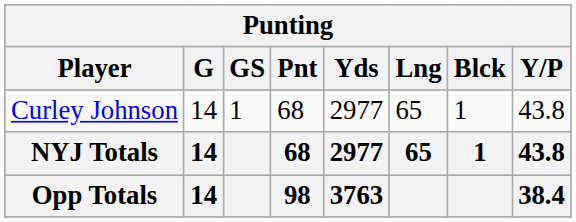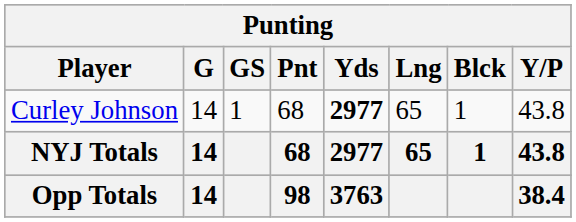 <table class="wikitable">
 <tr>
 <th colspan="8">Punting</th>
 </tr>
 <tr>
 <th>Player</th>
 <th>G</th>
 <th>GS</th>
 <th>Pnt</th>
 <th>Yds</th>
 <th>Lng</th>
 <th>Blck</th>
 <th>Y/P</th>
 </tr>
 <tr>
 <td><a href='#'>Curley Johnson</a></td>
 <td>14</td>
 <td>1</td>
 <td>68</td>
-<td>2977</td>
+<td><strong>2977</strong></td>
 <td>65</td>
 <td>1</td>
 <td>43.8</td>
 </tr>
 <tr>
 <th><strong>NYJ Totals</strong></th>
 <th>14</th>
 <th></th>
 <th>68</th>
 <th>2977</th>
 <th>65</th>
 <th>1</th>
 <th>43.8</th>
 </tr>
 <tr>
 <th><strong>Opp Totals</strong></th>
 <th>14</th>
 <th></th>
 <th>98</th>
 <th>3763</th>
 <th></th>
 <th></th>
 <th>38.4</th>
 </tr>
 </table>
